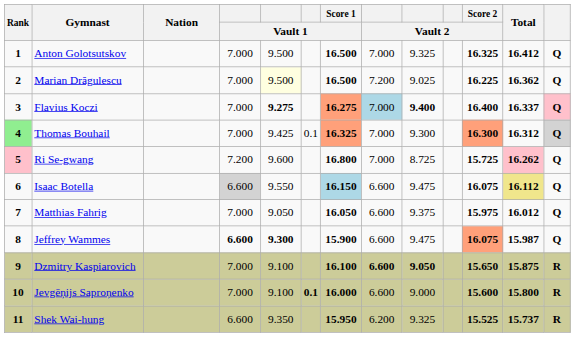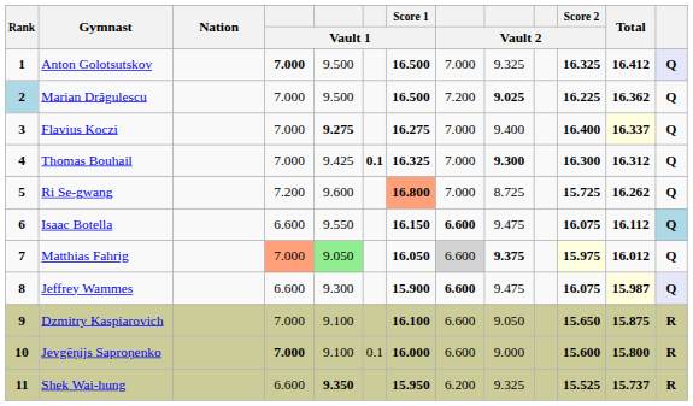 <table class="wikitable sortable" style="text-align:center;">
 <tr>
 <th rowspan=2 style="width:15px;"><small>Rank</small></th>
 <th rowspan=2 style="width:150px;">Gymnast</th>
 <th rowspan=2 style="width:100px;">Nation</th>
 <th style="width:50px;"><small></small></th>
 <th style="width:50px;"><small></small></th>
 <th style="width:20px;"><small></small></th>
 <th style="width:50px;"><small>Score 1</small></th>
 <th style="width:50px;"><small></small></th>
 <th style="width:50px;"><small></small></th>
 <th style="width:20px;"><small></small></th>
 <th style="width:50px;"><small>Score 2</small></th>
 <th rowspan=2 style="width:50px;">Total</th>
 <th rowspan=2 style="width:30px;"><small></small></th>
 </tr>
 <tr>
 <th colspan=4>Vault 1</th>
 <th colspan=4>Vault 2</th>
 </tr>
 <tr>
 <td scope=row style="text-align:center"><strong>1</strong></td>
 <td style="height:30px; text-align:left;"><a href='#'>Anton Golotsutskov</a></td>
 <td style="text-align:left;"><small></small></td>
-<td>7.000</td>
+<td><strong>7.000</strong></td>
 <td>9.500</td>
 <td></td>
 <td><strong>16.500</strong></td>
 <td>7.000</td>
 <td>9.325</td>
 <td></td>
 <td><strong>16.325</strong></td>
 <td><strong>16.412</strong></td>
-<td><strong>Q</strong></td>
+<td style="background: lavender;"><strong>Q</strong></td>
 </tr>
 <tr>
-<td scope=row style="text-align:center"><strong>2</strong></td>
+<td scope=row style="background: lightblue; text-align:center"><strong>2</strong></td>
 <td style="height:30px; text-align:left;"><a href='#'>Marian Drăgulescu</a></td>
 <td style="text-align:left;"><small></small></td>
 <td>7.000</td>
-<td style="background: lightyellow;">9.500</td>
+<td>9.500</td>
 <td></td>
 <td><strong>16.500</strong></td>
 <td>7.200</td>
-<td>9.025</td>
+<td><strong>9.025</strong></td>
 <td></td>
 <td><strong>16.225</strong></td>
 <td><strong>16.362</strong></td>
 <td><strong>Q</strong></td>
 </tr>
 <tr>
 <td scope=row style="text-align:center"><strong>3</strong></td>
 <td style="height:30px; text-align:left;"><a href='#'>Flavius Koczi</a></td>
 <td style="text-align:left;"><small></small></td>
 <td>7.000</td>
 <td><strong>9.275</strong></td>
 <td></td>
-<td style="background: lightsalmon;"><strong>16.275</strong></td>
-<td style="background: lightblue;">7.000</td>
-<td><strong>9.400</strong></td>
+<td><strong>16.275</strong></td>
+<td>7.000</td>
+<td>9.400</td>
 <td></td>
 <td><strong>16.400</strong></td>
-<td><strong>16.337</strong></td>
-<td style="background: pink;"><strong>Q</strong></td>
+<td style="background: lightyellow;"><strong>16.337</strong></td>
+<td><strong>Q</strong></td>
 </tr>
 <tr>
-<td scope=row style="background: lightgreen; text-align:center"><strong>4</strong></td>
+<td scope=row style="text-align:center"><strong>4</strong></td>
 <td style="height:30px; text-align:left;"><a href='#'>Thomas Bouhail</a></td>
 <td style="text-align:left;"><small></small></td>
 <td>7.000</td>
 <td>9.425</td>
-<td>0.1</td>
-<td style="background: lightsalmon;"><strong>16.325</strong></td>
+<td><strong>0.1</strong></td>
+<td><strong>16.325</strong></td>
 <td>7.000</td>
-<td>9.300</td>
+<td><strong>9.300</strong></td>
 <td></td>
-<td style="background: lightsalmon;"><strong>16.300</strong></td>
+<td><strong>16.300</strong></td>
 <td><strong>16.312</strong></td>
-<td style="background: lightgrey;"><strong>Q</strong></td>
+<td><strong>Q</strong></td>
 </tr>
 <tr>
-<td scope=row style="background: pink; text-align:center"><strong>5</strong></td>
+<td scope=row style="text-align:center"><strong>5</strong></td>
 <td style="height:30px; text-align:left;"><a href='#'>Ri Se-gwang</a></td>
 <td style="text-align:left;"><small></small></td>
 <td>7.200</td>
 <td>9.600</td>
 <td></td>
-<td><strong>16.800</strong></td>
+<td style="background: lightsalmon;"><strong>16.800</strong></td>
 <td>7.000</td>
 <td>8.725</td>
 <td></td>
 <td><strong>15.725</strong></td>
-<td style="background: pink;"><strong>16.262</strong></td>
+<td><strong>16.262</strong></td>
 <td><strong>Q</strong></td>
 </tr>
 <tr>
 <td scope=row style="text-align:center"><strong>6</strong></td>
 <td style="height:30px; text-align:left;"><a href='#'>Isaac Botella</a></td>
 <td style="text-align:left;"><small></small></td>
-<td style="background: lightgrey;">6.600</td>
+<td>6.600</td>
 <td>9.550</td>
 <td></td>
-<td style="background: lightblue;"><strong>16.150</strong></td>
-<td>6.600</td>
+<td><strong>16.150</strong></td>
+<td><strong>6.600</strong></td>
 <td>9.475</td>
 <td></td>
 <td><strong>16.075</strong></td>
-<td style="background: khaki;"><strong>16.112</strong></td>
-<td><strong>Q</strong></td>
+<td><strong>16.112</strong></td>
+<td style="background: lightblue;"><strong>Q</strong></td>
 </tr>
 <tr>
 <td scope=row style="text-align:center"><strong>7</strong></td>
 <td style="height:30px; text-align:left;"><a href='#'>Matthias Fahrig</a></td>
 <td style="text-align:left;"><small></small></td>
-<td>7.000</td>
-<td>9.050</td>
+<td style="background: lightsalmon;">7.000</td>
+<td style="background: lightgreen;">9.050</td>
 <td></td>
 <td><strong>16.050</strong></td>
-<td>6.600</td>
-<td>9.375</td>
+<td style="background: lightgrey;">6.600</td>
+<td><strong>9.375</strong></td>
 <td></td>
-<td><strong>15.975</strong></td>
+<td style="background: lightyellow;"><strong>15.975</strong></td>
 <td><strong>16.012</strong></td>
 <td><strong>Q</strong></td>
 </tr>
 <tr>
 <td scope=row style="text-align:center"><strong>8</strong></td>
 <td style="height:30px; text-align:left;"><a href='#'>Jeffrey Wammes</a></td>
 <td style="text-align:left;"><small></small></td>
-<td><strong>6.600</strong></td>
-<td><strong>9.300</strong></td>
+<td>6.600</td>
+<td>9.300</td>
 <td></td>
 <td><strong>15.900</strong></td>
-<td>6.600</td>
+<td><strong>6.600</strong></td>
 <td>9.475</td>
 <td></td>
-<td style="background: lightsalmon;"><strong>16.075</strong></td>
-<td><strong>15.987</strong></td>
-<td><strong>Q</strong></td>
+<td><strong>16.075</strong></td>
+<td style="background: lightyellow;"><strong>15.987</strong></td>
+<td style="background: lavender;"><strong>Q</strong></td>
 </tr>
 <tr style="background:#CCCC99;">
 <td scope=row style="text-align:center"><strong>9</strong></td>
 <td style="height:30px; text-align:left;"><a href='#'>Dzmitry Kaspiarovich</a></td>
 <td style="text-align:left;"><small></small></td>
 <td>7.000</td>
 <td>9.100</td>
 <td></td>
 <td><strong>16.100</strong></td>
-<td><strong>6.600</strong></td>
-<td><strong>9.050</strong></td>
+<td>6.600</td>
+<td>9.050</td>
 <td></td>
 <td><strong>15.650</strong></td>
 <td><strong>15.875</strong></td>
 <td><strong>R</strong></td>
 </tr>
 <tr style="background:#CCCC99;">
 <td scope=row style="text-align:center"><strong>10</strong></td>
 <td style="height:30px; text-align:left;"><a href='#'>Jevgēņijs Saproņenko</a></td>
 <td style="text-align:left;"><small></small></td>
-<td>7.000</td>
+<td><strong>7.000</strong></td>
 <td>9.100</td>
-<td><strong>0.1</strong></td>
+<td>0.1</td>
 <td><strong>16.000</strong></td>
 <td>6.600</td>
 <td>9.000</td>
 <td></td>
 <td><strong>15.600</strong></td>
 <td><strong>15.800</strong></td>
 <td><strong>R</strong></td>
 </tr>
 <tr style="background:#CCCC99;">
 <td scope=row style="text-align:center"><strong>11</strong></td>
 <td style="height:30px; text-align:left;"><a href='#'>Shek Wai-hung</a></td>
 <td style="text-align:left;"><small></small></td>
 <td>6.600</td>
-<td>9.350</td>
+<td><strong>9.350</strong></td>
 <td></td>
 <td><strong>15.950</strong></td>
 <td>6.200</td>
 <td>9.325</td>
 <td></td>
 <td><strong>15.525</strong></td>
 <td><strong>15.737</strong></td>
 <td><strong>R</strong></td>
 </tr>
 </table>
